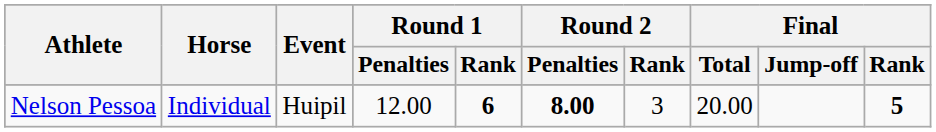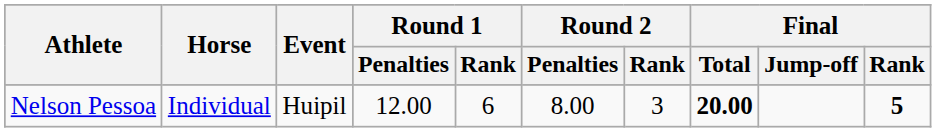 <table class="wikitable" style="font-size:90%">
 <tr>
 <th rowspan="2">Athlete</th>
 <th rowspan="2">Horse</th>
 <th rowspan="2">Event</th>
 <th colspan="2">Round 1</th>
 <th colspan="2">Round 2</th>
 <th colspan="3">Final</th>
 </tr>
 <tr style="font-size:95%">
 <th>Penalties</th>
 <th>Rank</th>
 <th>Penalties</th>
 <th>Rank</th>
 <th>Total</th>
 <th>Jump-off</th>
 <th>Rank</th>
 </tr>
 <tr align=center>
 <td align=left><a href='#'>Nelson Pessoa</a></td>
 <td align=left><a href='#'>Individual</a></td>
 <td align=left>Huipil</td>
 <td>12.00</td>
-<td><strong>6</strong></td>
-<td><strong>8.00</strong></td>
+<td>6</td>
+<td>8.00</td>
 <td>3</td>
-<td>20.00</td>
+<td><strong>20.00</strong></td>
 <td></td>
 <td><strong>5</strong></td>
 </tr>
 </table>
